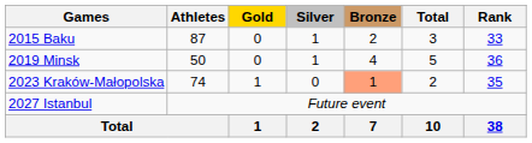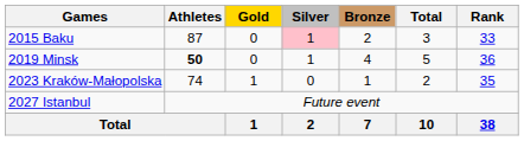 <table class="wikitable" style="text-align:center; font-size:90%;">
 <tr>
 <th>Games</th>
 <th>Athletes</th>
 <td style="background:gold; width:3.7em; font-weight:bold;">Gold</td>
 <td style="background:silver; width:3.7em; font-weight:bold;">Silver</td>
 <td style="background:#cc9966; width:3.7em; font-weight:bold;">Bronze</td>
 <th style="width:4em; font-weight:bold;">Total</th>
 <th style="width:4em; font-weight:bold;">Rank</th>
 </tr>
 <tr>
 <td align=left> <a href='#'>2015 Baku</a></td>
 <td>87</td>
 <td>0</td>
-<td>1</td>
+<td style="background: pink;">1</td>
 <td>2</td>
 <td>3</td>
 <td><a href='#'>33</a></td>
 </tr>
 <tr>
 <td align=left> <a href='#'>2019 Minsk</a></td>
-<td>50</td>
+<td><strong>50</strong></td>
 <td>0</td>
 <td>1</td>
 <td>4</td>
 <td>5</td>
 <td><a href='#'>36</a></td>
 </tr>
 <tr>
 <td align=left> <a href='#'>2023 Kraków-Małopolska</a></td>
 <td>74</td>
 <td>1</td>
 <td>0</td>
-<td style="background: lightsalmon;">1</td>
+<td>1</td>
 <td>2</td>
 <td><a href='#'>35</a></td>
 </tr>
 <tr>
 <td align=left> <a href='#'>2027 Istanbul</a></td>
 <td colspan=6><em>Future event</em></td>
 </tr>
 <tr>
 <th colspan=2>Total</th>
 <th>1</th>
 <th>2</th>
 <th>7</th>
 <th>10</th>
 <th><a href='#'>38</a></th>
 </tr>
 </table>
